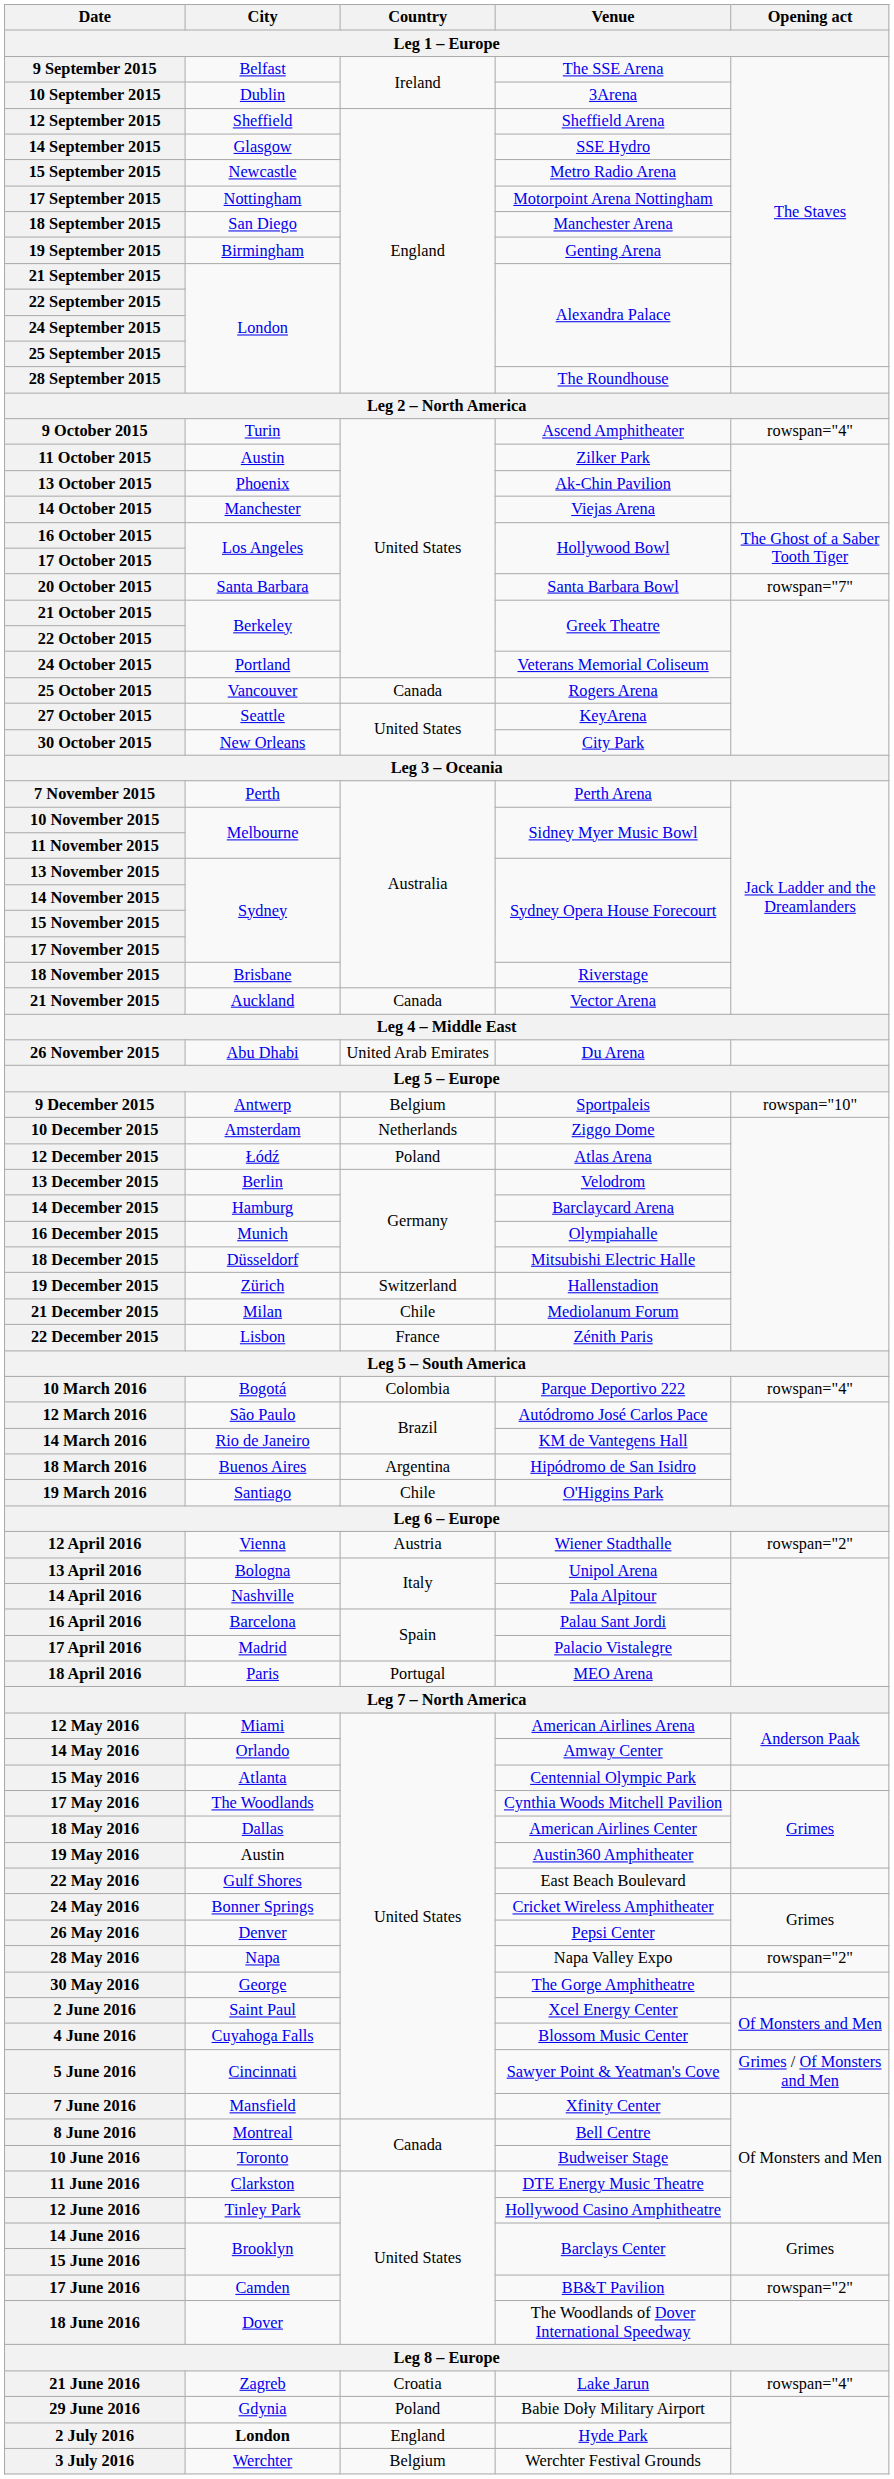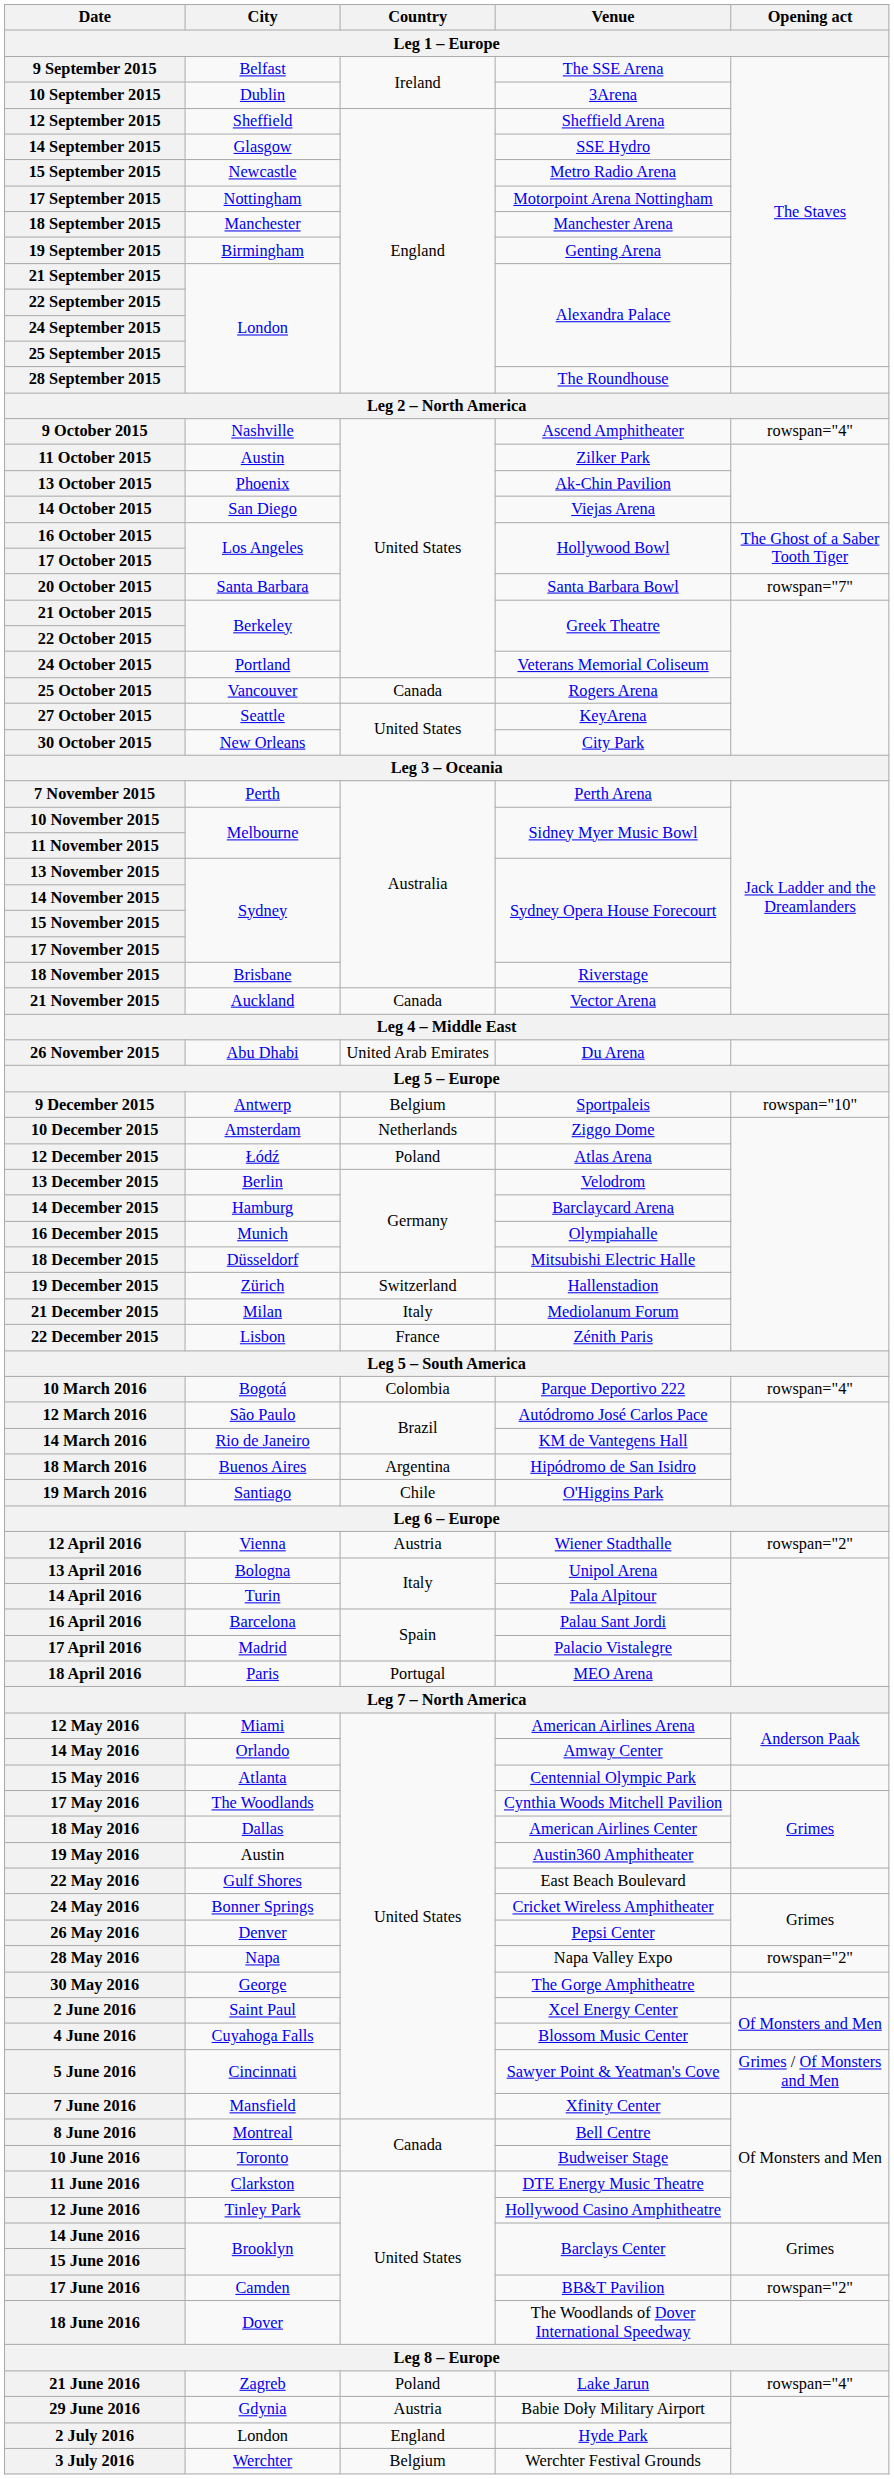 <table class="wikitable plainrowheaders" style="text-align:center;">
 <tr>
 <th scope="col" style="width:12em;">Date</th>
 <th scope="col" style="width:10em;">City</th>
 <th scope="col" style="width:10em;">Country</th>
 <th scope="col" style="width:16em;">Venue</th>
 <th scope="col" style="width:10em;">Opening act</th>
 </tr>
 <tr>
 <th colspan="5">Leg 1 – Europe</th>
 </tr>
 <tr>
 <th scope="row" style="text-align:center;">9 September 2015</th>
 <td><a href='#'>Belfast</a></td>
 <td rowspan="2">Ireland</td>
 <td><a href='#'>The SSE Arena</a></td>
 <td rowspan="12"><a href='#'>The Staves</a></td>
 </tr>
 <tr>
 <th scope="row" style="text-align:center;">10 September 2015</th>
 <td><a href='#'>Dublin</a></td>
 <td><a href='#'>3Arena</a></td>
 </tr>
 <tr>
 <th scope="row" style="text-align:center;">12 September 2015</th>
 <td><a href='#'>Sheffield</a></td>
 <td rowspan="11">England</td>
 <td><a href='#'>Sheffield Arena</a></td>
 </tr>
 <tr>
 <th scope="row" style="text-align:center;">14 September 2015</th>
 <td><a href='#'>Glasgow</a></td>
 <td><a href='#'>SSE Hydro</a></td>
 </tr>
 <tr>
 <th scope="row" style="text-align:center;">15 September 2015</th>
 <td><a href='#'>Newcastle</a></td>
 <td><a href='#'>Metro Radio Arena</a></td>
 </tr>
 <tr>
 <th scope="row" style="text-align:center;">17 September 2015</th>
 <td><a href='#'>Nottingham</a></td>
 <td><a href='#'>Motorpoint Arena Nottingham</a></td>
 </tr>
 <tr>
 <th scope="row" style="text-align:center;">18 September 2015</th>
-<td><a href='#'>San Diego</a></td>
+<td><a href='#'>Manchester</a></td>
 <td><a href='#'>Manchester Arena</a></td>
 </tr>
 <tr>
 <th scope="row" style="text-align:center;">19 September 2015</th>
 <td><a href='#'>Birmingham</a></td>
 <td><a href='#'>Genting Arena</a></td>
 </tr>
 <tr>
 <th scope="row" style="text-align:center;">21 September 2015</th>
 <td rowspan="5"><a href='#'>London</a></td>
 <td rowspan="4"><a href='#'>Alexandra Palace</a></td>
 </tr>
 <tr>
 <th scope="row" style="text-align:center;">22 September 2015</th>
 </tr>
 <tr>
 <th scope="row" style="text-align:center;">24 September 2015</th>
 </tr>
 <tr>
 <th scope="row" style="text-align:center;">25 September 2015</th>
 </tr>
 <tr>
 <th scope="row" style="text-align:center;">28 September 2015</th>
 <td><a href='#'>The Roundhouse</a></td>
 <td></td>
 </tr>
 <tr>
 <th colspan="5">Leg 2 – North America</th>
 </tr>
 <tr>
 <th scope="row" style="text-align:center;">9 October 2015</th>
-<td><a href='#'>Turin</a></td>
+<td><a href='#'>Nashville</a></td>
 <td rowspan="10">United States</td>
 <td><a href='#'>Ascend Amphitheater</a></td>
 <td>rowspan="4" </td>
 </tr>
 <tr>
 <th scope="row" style="text-align:center;">11 October 2015</th>
 <td><a href='#'>Austin</a></td>
 <td><a href='#'>Zilker Park</a></td>
 </tr>
 <tr>
 <th scope="row" style="text-align:center;">13 October 2015</th>
 <td><a href='#'>Phoenix</a></td>
 <td><a href='#'>Ak-Chin Pavilion</a></td>
 </tr>
 <tr>
 <th scope="row" style="text-align:center;">14 October 2015</th>
-<td><a href='#'>Manchester</a></td>
+<td><a href='#'>San Diego</a></td>
 <td><a href='#'>Viejas Arena</a></td>
 </tr>
 <tr>
 <th scope="row" style="text-align:center;">16 October 2015</th>
 <td rowspan="2"><a href='#'>Los Angeles</a></td>
 <td rowspan="2"><a href='#'>Hollywood Bowl</a></td>
 <td rowspan="2"><a href='#'>The Ghost of a Saber Tooth Tiger</a></td>
 </tr>
 <tr>
 <th scope="row" style="text-align:center;">17 October 2015</th>
 </tr>
 <tr>
 <th scope="row" style="text-align:center;">20 October 2015</th>
 <td><a href='#'>Santa Barbara</a></td>
 <td><a href='#'>Santa Barbara Bowl</a></td>
 <td>rowspan="7" </td>
 </tr>
 <tr>
 <th scope="row" style="text-align:center;">21 October 2015</th>
 <td rowspan="2"><a href='#'>Berkeley</a></td>
 <td rowspan="2"><a href='#'>Greek Theatre</a></td>
 </tr>
 <tr>
 <th scope="row" style="text-align:center;">22 October 2015</th>
 </tr>
 <tr>
 <th scope="row" style="text-align:center;">24 October 2015</th>
 <td><a href='#'>Portland</a></td>
 <td><a href='#'>Veterans Memorial Coliseum</a></td>
 </tr>
 <tr>
 <th scope="row" style="text-align:center;">25 October 2015</th>
 <td><a href='#'>Vancouver</a></td>
 <td>Canada</td>
 <td><a href='#'>Rogers Arena</a></td>
 </tr>
 <tr>
 <th scope="row" style="text-align:center;">27 October 2015</th>
 <td><a href='#'>Seattle</a></td>
 <td rowspan="2">United States</td>
 <td><a href='#'>KeyArena</a></td>
 </tr>
 <tr>
 <th scope="row" style="text-align:center;">30 October 2015</th>
 <td><a href='#'>New Orleans</a></td>
 <td><a href='#'>City Park</a></td>
 </tr>
 <tr>
 <th colspan="5">Leg 3 – Oceania</th>
 </tr>
 <tr>
 <th scope="row" style="text-align:center;">7 November 2015</th>
 <td><a href='#'>Perth</a></td>
 <td rowspan="8">Australia</td>
 <td><a href='#'>Perth Arena</a></td>
 <td rowspan="9"><a href='#'>Jack Ladder and the Dreamlanders</a></td>
 </tr>
 <tr>
 <th scope="row" style="text-align:center;">10 November 2015</th>
 <td rowspan="2"><a href='#'>Melbourne</a></td>
 <td rowspan="2"><a href='#'>Sidney Myer Music Bowl</a></td>
 </tr>
 <tr>
 <th scope="row" style="text-align:center;">11 November 2015</th>
 </tr>
 <tr>
 <th scope="row" style="text-align:center;">13 November 2015</th>
 <td rowspan="4"><a href='#'>Sydney</a></td>
 <td rowspan="4"><a href='#'>Sydney Opera House Forecourt</a></td>
 </tr>
 <tr>
 <th scope="row" style="text-align:center;">14 November 2015</th>
 </tr>
 <tr>
 <th scope="row" style="text-align:center;">15 November 2015</th>
 </tr>
 <tr>
 <th scope="row" style="text-align:center;">17 November 2015</th>
 </tr>
 <tr>
 <th scope="row" style="text-align:center;">18 November 2015</th>
 <td><a href='#'>Brisbane</a></td>
 <td><a href='#'>Riverstage</a></td>
 </tr>
 <tr>
 <th scope="row" style="text-align:center;">21 November 2015</th>
 <td><a href='#'>Auckland</a></td>
 <td>Canada</td>
 <td><a href='#'>Vector Arena</a></td>
 </tr>
 <tr>
 <th colspan="5">Leg 4 – Middle East</th>
 </tr>
 <tr>
 <th scope="row" style="text-align:center;">26 November 2015</th>
 <td><a href='#'>Abu Dhabi</a></td>
 <td>United Arab Emirates</td>
 <td><a href='#'>Du Arena</a></td>
 <td></td>
 </tr>
 <tr>
 <th colspan="7">Leg 5 – Europe</th>
 </tr>
 <tr>
 <th scope="row" style="text-align:center;">9 December 2015</th>
 <td><a href='#'>Antwerp</a></td>
 <td>Belgium</td>
 <td><a href='#'>Sportpaleis</a></td>
 <td>rowspan="10" </td>
 </tr>
 <tr>
 <th scope="row" style="text-align:center;">10 December 2015</th>
 <td><a href='#'>Amsterdam</a></td>
 <td>Netherlands</td>
 <td><a href='#'>Ziggo Dome</a></td>
 </tr>
 <tr>
 <th scope="row" style="text-align:center;">12 December 2015</th>
 <td><a href='#'>Łódź</a></td>
 <td>Poland</td>
 <td><a href='#'>Atlas Arena</a></td>
 </tr>
 <tr>
 <th scope="row" style="text-align:center;">13 December 2015</th>
 <td><a href='#'>Berlin</a></td>
 <td rowspan="4">Germany</td>
 <td><a href='#'>Velodrom</a></td>
 </tr>
 <tr>
 <th scope="row" style="text-align:center;">14 December 2015</th>
 <td><a href='#'>Hamburg</a></td>
 <td><a href='#'>Barclaycard Arena</a></td>
 </tr>
 <tr>
 <th scope="row" style="text-align:center;">16 December 2015</th>
 <td><a href='#'>Munich</a></td>
 <td><a href='#'>Olympiahalle</a></td>
 </tr>
 <tr>
 <th scope="row" style="text-align:center;">18 December 2015</th>
 <td><a href='#'>Düsseldorf</a></td>
 <td><a href='#'>Mitsubishi Electric Halle</a></td>
 </tr>
 <tr>
 <th scope="row" style="text-align:center;">19 December 2015</th>
 <td><a href='#'>Zürich</a></td>
 <td>Switzerland</td>
 <td><a href='#'>Hallenstadion</a></td>
 </tr>
 <tr>
 <th scope="row" style="text-align:center;">21 December 2015</th>
 <td><a href='#'>Milan</a></td>
-<td>Chile</td>
+<td>Italy</td>
 <td><a href='#'>Mediolanum Forum</a></td>
 </tr>
 <tr>
 <th scope="row" style="text-align:center;">22 December 2015</th>
 <td><a href='#'>Lisbon</a></td>
 <td>France</td>
 <td><a href='#'>Zénith Paris</a></td>
 </tr>
 <tr>
 <th colspan="7">Leg 5 – South America</th>
 </tr>
 <tr>
 <th scope="row" style="text-align:center;">10 March 2016</th>
 <td><a href='#'>Bogotá</a></td>
 <td>Colombia</td>
 <td><a href='#'>Parque Deportivo 222</a></td>
 <td>rowspan="4" </td>
 </tr>
 <tr>
 <th scope="row" style="text-align:center;">12 March 2016</th>
 <td><a href='#'>São Paulo</a></td>
 <td rowspan="2">Brazil</td>
 <td><a href='#'>Autódromo José Carlos Pace</a></td>
 </tr>
 <tr>
 <th scope="row" style="text-align:center;">14 March 2016</th>
 <td><a href='#'>Rio de Janeiro</a></td>
 <td><a href='#'>KM de Vantegens Hall</a></td>
 </tr>
 <tr>
 <th scope="row" style="text-align:center;">18 March 2016</th>
 <td><a href='#'>Buenos Aires</a></td>
 <td>Argentina</td>
 <td><a href='#'>Hipódromo de San Isidro</a></td>
 </tr>
 <tr>
 <th scope="row" style="text-align:center;">19 March 2016</th>
 <td><a href='#'>Santiago</a></td>
 <td>Chile</td>
 <td><a href='#'>O'Higgins Park</a></td>
 </tr>
 <tr>
 <th colspan="7">Leg 6 – Europe</th>
 </tr>
 <tr>
 <th scope="row" style="text-align:center;">12 April 2016</th>
 <td><a href='#'>Vienna</a></td>
 <td>Austria</td>
 <td><a href='#'>Wiener Stadthalle</a></td>
 <td>rowspan="2" </td>
 </tr>
 <tr>
 <th scope="row" style="text-align:center;">13 April 2016</th>
 <td><a href='#'>Bologna</a></td>
 <td rowspan="2">Italy</td>
 <td><a href='#'>Unipol Arena</a></td>
 </tr>
 <tr>
 <th scope="row" style="text-align:center;">14 April 2016</th>
-<td><a href='#'>Nashville</a></td>
+<td><a href='#'>Turin</a></td>
 <td><a href='#'>Pala Alpitour</a></td>
 </tr>
 <tr>
 <th scope="row" style="text-align:center;">16 April 2016</th>
 <td><a href='#'>Barcelona</a></td>
 <td rowspan="2">Spain</td>
 <td><a href='#'>Palau Sant Jordi</a></td>
 </tr>
 <tr>
 <th scope="row" style="text-align:center;">17 April 2016</th>
 <td><a href='#'>Madrid</a></td>
 <td><a href='#'>Palacio Vistalegre</a></td>
 </tr>
 <tr>
 <th scope="row" style="text-align:center;">18 April 2016</th>
 <td><a href='#'>Paris</a></td>
 <td>Portugal</td>
 <td><a href='#'>MEO Arena</a></td>
 </tr>
 <tr>
 <th colspan="5">Leg 7 – North America</th>
 </tr>
 <tr>
 <th scope="row" style="text-align:center;">12 May 2016</th>
 <td><a href='#'>Miami</a></td>
 <td rowspan="15">United States</td>
 <td><a href='#'>American Airlines Arena</a></td>
 <td rowspan="2"><a href='#'>Anderson Paak</a></td>
 </tr>
 <tr>
 <th scope="row" style="text-align:center;">14 May 2016</th>
 <td><a href='#'>Orlando</a></td>
 <td><a href='#'>Amway Center</a></td>
 </tr>
 <tr>
 <th scope="row" style="text-align:center;">15 May 2016</th>
 <td><a href='#'>Atlanta</a></td>
 <td><a href='#'>Centennial Olympic Park</a></td>
 <td></td>
 </tr>
 <tr>
 <th scope="row" style="text-align:center;">17 May 2016</th>
 <td><a href='#'>The Woodlands</a></td>
 <td><a href='#'>Cynthia Woods Mitchell Pavilion</a></td>
 <td rowspan="3"><a href='#'>Grimes</a></td>
 </tr>
 <tr>
 <th scope="row" style="text-align:center;">18 May 2016</th>
 <td><a href='#'>Dallas</a></td>
 <td><a href='#'>American Airlines Center</a></td>
 </tr>
 <tr>
 <th scope="row" style="text-align:center;">19 May 2016</th>
 <td>Austin</td>
 <td><a href='#'>Austin360 Amphitheater</a></td>
 </tr>
 <tr>
 <th scope="row" style="text-align:center;">22 May 2016</th>
 <td><a href='#'>Gulf Shores</a></td>
 <td>East Beach Boulevard</td>
 <td></td>
 </tr>
 <tr>
 <th scope="row" style="text-align:center;">24 May 2016</th>
 <td><a href='#'>Bonner Springs</a></td>
 <td><a href='#'>Cricket Wireless Amphitheater</a></td>
 <td rowspan="2">Grimes</td>
 </tr>
 <tr>
 <th scope="row" style="text-align:center;">26 May 2016</th>
 <td><a href='#'>Denver</a></td>
 <td><a href='#'>Pepsi Center</a></td>
 </tr>
 <tr>
 <th scope="row" style="text-align:center;">28 May 2016</th>
 <td><a href='#'>Napa</a></td>
 <td>Napa Valley Expo</td>
 <td>rowspan="2" </td>
 </tr>
 <tr>
 <th scope="row" style="text-align:center;">30 May 2016</th>
 <td><a href='#'>George</a></td>
 <td><a href='#'>The Gorge Amphitheatre</a></td>
 </tr>
 <tr>
 <th scope="row" style="text-align:center;">2 June 2016</th>
 <td><a href='#'>Saint Paul</a></td>
 <td><a href='#'>Xcel Energy Center</a></td>
 <td rowspan="2"><a href='#'>Of Monsters and Men</a></td>
 </tr>
 <tr>
 <th scope="row" style="text-align:center;">4 June 2016</th>
 <td><a href='#'>Cuyahoga Falls</a></td>
 <td><a href='#'>Blossom Music Center</a></td>
 </tr>
 <tr>
 <th scope="row" style="text-align:center;">5 June 2016</th>
 <td><a href='#'>Cincinnati</a></td>
 <td><a href='#'>Sawyer Point & Yeatman's Cove</a></td>
 <td><a href='#'>Grimes</a> / <a href='#'>Of Monsters and Men</a></td>
 </tr>
 <tr>
 <th scope="row" style="text-align:center;">7 June 2016</th>
 <td><a href='#'>Mansfield</a></td>
 <td><a href='#'>Xfinity Center</a></td>
 <td rowspan="5">Of Monsters and Men</td>
 </tr>
 <tr>
 <th scope="row" style="text-align:center;">8 June 2016</th>
 <td><a href='#'>Montreal</a></td>
 <td rowspan="2">Canada</td>
 <td><a href='#'>Bell Centre</a></td>
 </tr>
 <tr>
 <th scope="row" style="text-align:center;">10 June 2016</th>
 <td><a href='#'>Toronto</a></td>
 <td><a href='#'>Budweiser Stage</a></td>
 </tr>
 <tr>
 <th scope="row" style="text-align:center;">11 June 2016</th>
 <td><a href='#'>Clarkston</a></td>
 <td rowspan="6">United States</td>
 <td><a href='#'>DTE Energy Music Theatre</a></td>
 </tr>
 <tr>
 <th scope="row" style="text-align:center;">12 June 2016</th>
 <td><a href='#'>Tinley Park</a></td>
 <td><a href='#'>Hollywood Casino Amphitheatre</a></td>
 </tr>
 <tr>
 <th scope="row" style="text-align:center;">14 June 2016</th>
 <td rowspan="2"><a href='#'>Brooklyn</a></td>
 <td rowspan="2"><a href='#'>Barclays Center</a></td>
 <td rowspan="2">Grimes</td>
 </tr>
 <tr>
 <th scope="row" style="text-align:center;">15 June 2016</th>
 </tr>
 <tr>
 <th scope="row" style="text-align:center;">17 June 2016</th>
 <td><a href='#'>Camden</a></td>
 <td><a href='#'>BB&T Pavilion</a></td>
 <td>rowspan="2" </td>
 </tr>
 <tr>
 <th scope="row" style="text-align:center;">18 June 2016</th>
 <td><a href='#'>Dover</a></td>
 <td>The Woodlands of <a href='#'>Dover International Speedway</a></td>
 </tr>
 <tr>
 <th colspan="5">Leg 8 – Europe</th>
 </tr>
 <tr>
 <th scope="row" style="text-align:center;">21 June 2016</th>
 <td><a href='#'>Zagreb</a></td>
-<td>Croatia</td>
+<td>Poland</td>
 <td><a href='#'>Lake Jarun</a></td>
 <td>rowspan="4" </td>
 </tr>
 <tr>
 <th scope="row" style="text-align:center;">29 June 2016</th>
 <td><a href='#'>Gdynia</a></td>
-<td>Poland</td>
+<td>Austria</td>
 <td>Babie Doły Military Airport</td>
 </tr>
 <tr>
 <th scope="row" style="text-align:center;">2 July 2016</th>
-<td><strong>London</strong></td>
+<td>London</td>
 <td>England</td>
 <td><a href='#'>Hyde Park</a></td>
 </tr>
 <tr>
 <th scope="row" style="text-align:center;">3 July 2016</th>
 <td><a href='#'>Werchter</a></td>
 <td>Belgium</td>
 <td>Werchter Festival Grounds</td>
 </tr>
 </table>
